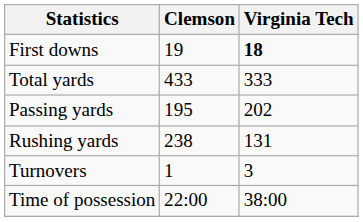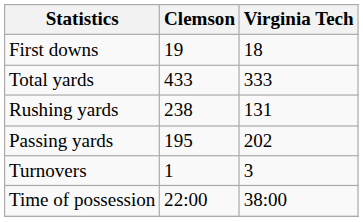 <table class="wikitable">
 <tr>
 <th>Statistics</th>
 <th>Clemson</th>
 <th>Virginia Tech</th>
 </tr>
 <tr>
 <td>First downs</td>
 <td>19</td>
-<td><strong>18</strong></td>
+<td>18</td>
 </tr>
 <tr>
 <td>Total yards</td>
 <td>433</td>
 <td>333</td>
 </tr>
 <tr>
+<td>Rushing yards</td>
+<td>238</td>
+<td>131</td>
+</tr>
+<tr>
 <td>Passing yards</td>
 <td>195</td>
 <td>202</td>
-</tr>
-<tr>
-<td>Rushing yards</td>
-<td>238</td>
-<td>131</td>
 </tr>
 <tr>
 <td>Turnovers</td>
 <td>1</td>
 <td>3</td>
 </tr>
 <tr>
 <td>Time of possession</td>
 <td>22:00</td>
 <td>38:00</td>
 </tr>
 <tr>
 </tr>
 </table>
